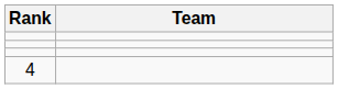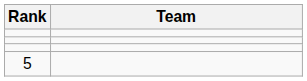 <table class="wikitable" style="text-align: center;">
 <tr>
 <th width=>Rank</th>
 <th width=250>Team</th>
 </tr>
 <tr>
 <td></td>
 <td align="left"></td>
 </tr>
 <tr>
 <td></td>
 <td align="left"></td>
 </tr>
 <tr>
 <td></td>
 <td align="left"></td>
 </tr>
 <tr>
-<td>4</td>
+<td>5</td>
 <td align="left"></td>
 </tr>
 </table>
